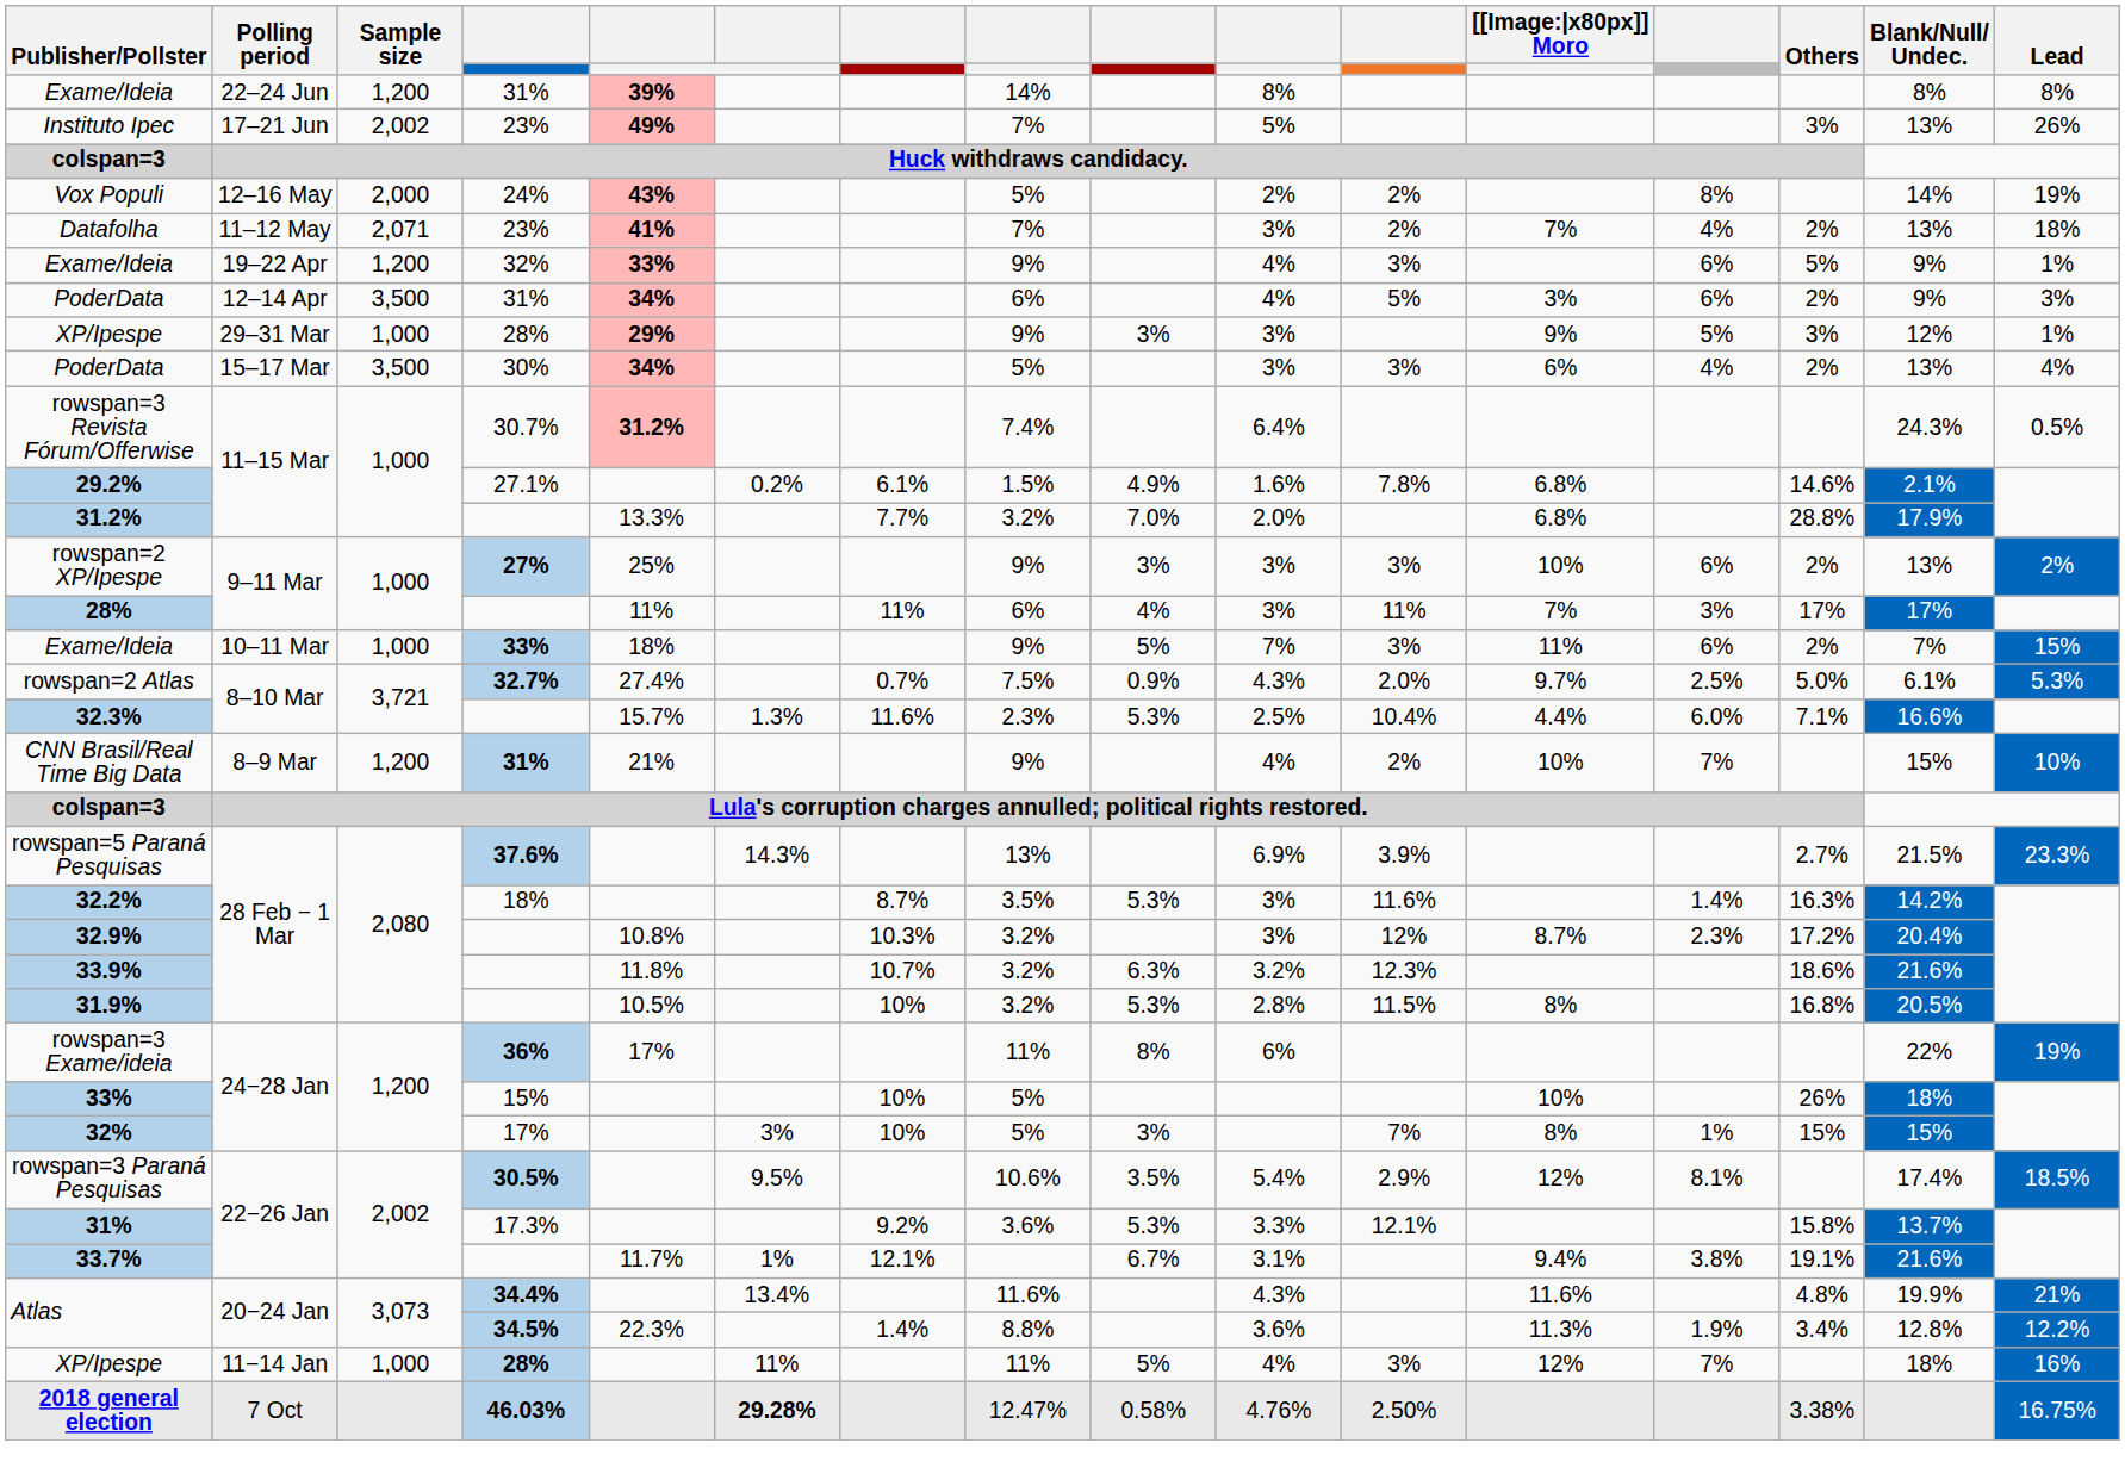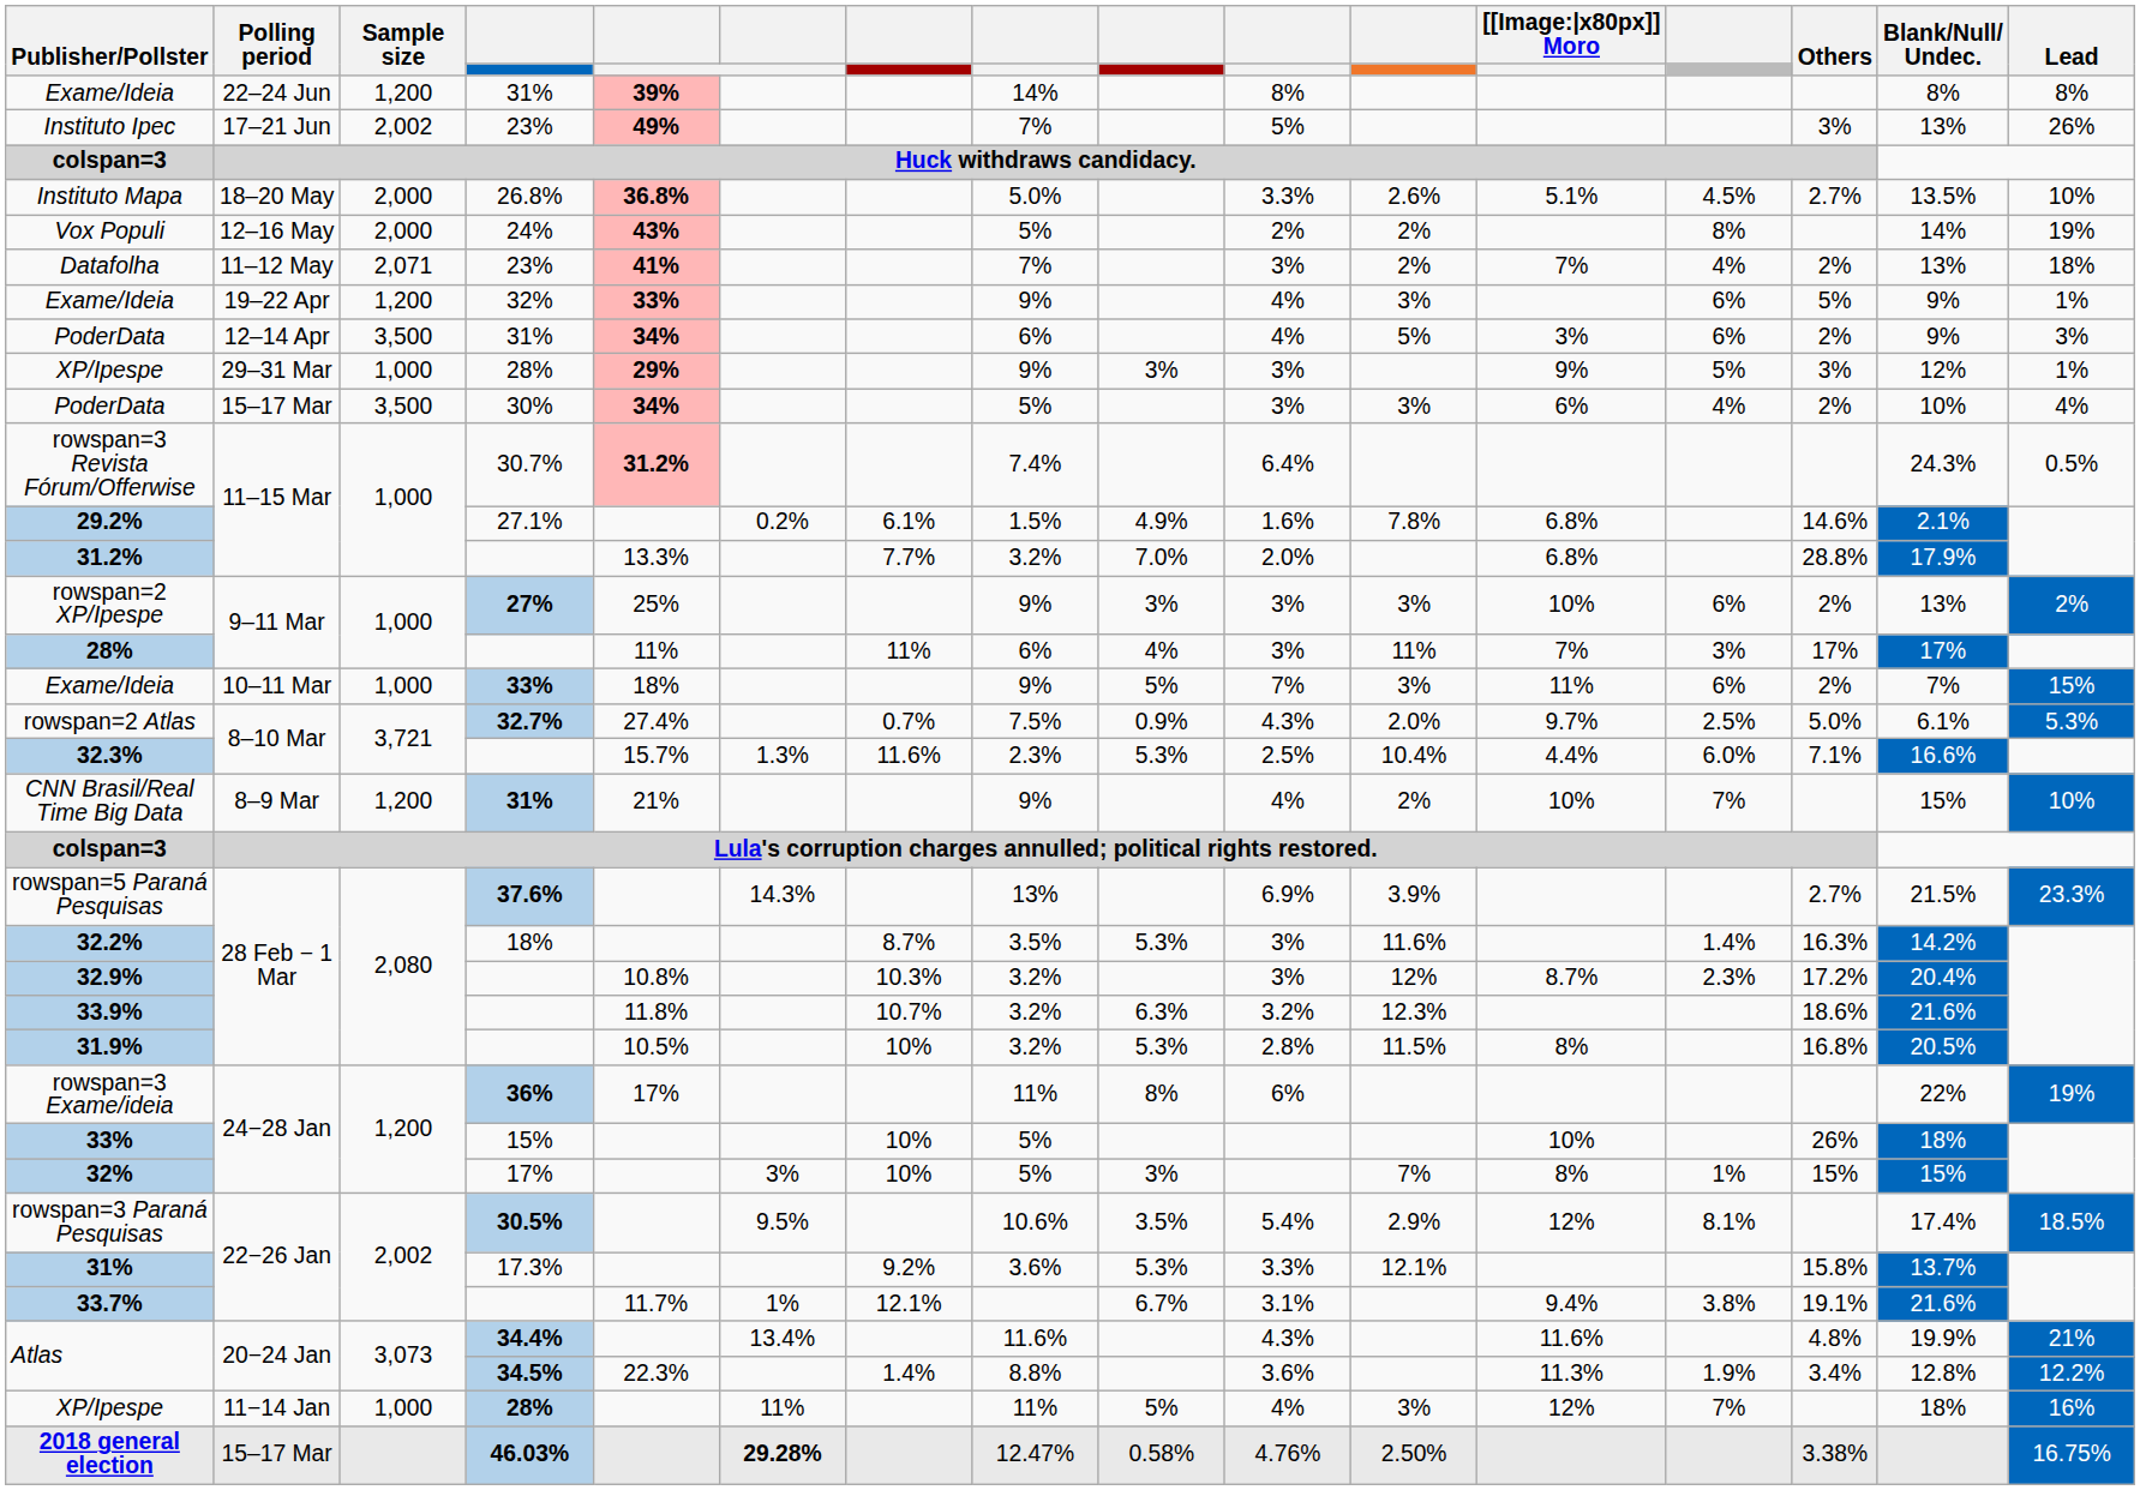 <table class="nowrap wikitable" style=text-align:center;font-size:85%;line-height:14px>
 <tr style=vertical-align:bottom>
 <th rowspan=2>Publisher/Pollster</th>
 <th rowspan=2>Polling<br>period</th>
 <th rowspan=2>Sample<br>size</th>
 <th style=width:5em><br></th>
 <th style=width:5em><br></th>
 <th style=width:5em><br></th>
 <th style=width:5em><br></th>
 <th style=width:5em><br></th>
 <th style=width:5em><br></th>
 <th style=width:5em><br></th>
 <th style=width:5em><br></th>
 <th style=width:5em>[[Image:|x80px]]<br><a href='#'>Moro</a><br></th>
 <th style=width:5em><br></th>
 <th rowspan=2>Others</th>
 <th rowspan=2>Blank/Null/<br>Undec.</th>
 <th style=width:5em rowspan=2>Lead</th>
 </tr>
 <tr>
 <th style=background:#0067BC></th>
 <th colspan=2 style=background:></th>
 <th style=background:#A30000></th>
 <th style=background:></th>
 <th style=background:#A30000></th>
 <th style=background:></th>
 <th style=background:#F0762A></th>
 <th style=background:></th>
 <th style=background:#BBBBBB></th>
 </tr>
 <tr>
 <td> <em>Exame/Ideia</em></td>
 <td>22–24 Jun</td>
 <td>1,200</td>
 <td>31%</td>
 <td style=background:#ffb7b7;font-weight:bold>39%</td>
 <td></td>
 <td></td>
 <td>14%</td>
 <td></td>
 <td>8%</td>
 <td></td>
 <td></td>
 <td></td>
 <td></td>
 <td>8%</td>
 <td style=background:>8%</td>
 </tr>
 <tr>
 <td> <em>Instituto Ipec</em></td>
 <td>17–21 Jun</td>
 <td>2,002</td>
 <td>23%</td>
 <td style=background:#ffb7b7;font-weight:bold>49%</td>
 <td></td>
 <td></td>
 <td>7%</td>
 <td></td>
 <td>5%</td>
 <td></td>
 <td></td>
 <td></td>
 <td>3%</td>
 <td>13%</td>
 <td style=background:>26%</td>
 </tr>
 <tr style=background:lightgrey;font-weight:bold>
 <td>colspan=3 </td>
 <td colspan=13 align=center style=font-weight:bold><a href='#'>Huck</a> withdraws candidacy.</td>
+</tr>
+<tr>
+<td> <em>Instituto Mapa</em></td>
+<td>18–20 May</td>
+<td>2,000</td>
+<td>26.8%</td>
+<td style=background:#ffb7b7;font-weight:bold>36.8%</td>
+<td></td>
+<td></td>
+<td>5.0%</td>
+<td></td>
+<td>3.3%</td>
+<td>2.6%</td>
+<td>5.1%</td>
+<td>4.5%</td>
+<td>2.7%</td>
+<td>13.5%</td>
+<td style=background:>10%</td>
 </tr>
 <tr>
 <td> <em>Vox Populi</em></td>
 <td>12–16 May</td>
 <td>2,000</td>
 <td>24%</td>
 <td style=background:#ffb7b7;font-weight:bold>43%</td>
 <td></td>
 <td></td>
 <td>5%</td>
 <td></td>
 <td>2%</td>
 <td>2%</td>
 <td></td>
 <td>8%</td>
 <td></td>
 <td>14%</td>
 <td style=background:>19%</td>
 </tr>
 <tr>
 <td> <em>Datafolha</em></td>
 <td>11–12 May</td>
 <td>2,071</td>
 <td>23%</td>
 <td style=background:#ffb7b7;font-weight:bold>41%</td>
 <td></td>
 <td></td>
 <td>7%</td>
 <td></td>
 <td>3%</td>
 <td>2%</td>
 <td>7%</td>
 <td>4%</td>
 <td>2%</td>
 <td>13%</td>
 <td style=background:>18%</td>
 </tr>
 <tr>
 <td> <em>Exame/Ideia</em></td>
 <td>19–22 Apr</td>
 <td>1,200</td>
 <td>32%</td>
 <td style=background:#ffb7b7;font-weight:bold>33%</td>
 <td></td>
 <td></td>
 <td>9%</td>
 <td></td>
 <td>4%</td>
 <td>3%</td>
 <td></td>
 <td>6%</td>
 <td>5%</td>
 <td>9%</td>
 <td style=background:>1%</td>
 </tr>
 <tr>
 <td> <em>PoderData</em></td>
 <td>12–14 Apr</td>
 <td>3,500</td>
 <td>31%</td>
 <td style=background:#ffb7b7;font-weight:bold>34%</td>
 <td></td>
 <td></td>
 <td>6%</td>
 <td></td>
 <td>4%</td>
 <td>5%</td>
 <td>3%</td>
 <td>6%</td>
 <td>2%</td>
 <td>9%</td>
 <td style=background:>3%</td>
 </tr>
 <tr>
 <td> <em>XP/Ipespe</em></td>
 <td>29–31 Mar</td>
 <td>1,000</td>
 <td>28%</td>
 <td style=background:#ffb7b7;font-weight:bold>29%</td>
 <td></td>
 <td></td>
 <td>9%</td>
 <td>3%</td>
 <td>3%</td>
 <td></td>
 <td>9%</td>
 <td>5%</td>
 <td>3%</td>
 <td>12%</td>
 <td style=background:>1%</td>
 </tr>
 <tr>
 <td> <em>PoderData</em></td>
 <td>15–17 Mar</td>
 <td>3,500</td>
 <td>30%</td>
 <td style=background:#ffb7b7;font-weight:bold>34%</td>
 <td></td>
 <td></td>
 <td>5%</td>
 <td></td>
 <td>3%</td>
 <td>3%</td>
 <td>6%</td>
 <td>4%</td>
 <td>2%</td>
-<td>13%</td>
+<td>10%</td>
 <td style=background:>4%</td>
 </tr>
 <tr>
 <td>rowspan=3  <em>Revista Fórum/Offerwise</em></td>
 <td rowspan=3>11–15 Mar</td>
 <td rowspan=3>1,000</td>
 <td>30.7%</td>
 <td style=background:#ffb7b7;font-weight:bold>31.2%</td>
 <td></td>
 <td></td>
 <td>7.4%</td>
 <td></td>
 <td>6.4%</td>
 <td></td>
 <td></td>
 <td></td>
 <td></td>
 <td>24.3%</td>
 <td style=background:>0.5%</td>
 </tr>
 <tr>
 <td style=background:#b2d1ea;font-weight:bold>29.2%</td>
 <td>27.1%</td>
 <td></td>
 <td>0.2%</td>
 <td>6.1%</td>
 <td>1.5%</td>
 <td>4.9%</td>
 <td>1.6%</td>
 <td>7.8%</td>
 <td>6.8%</td>
 <td></td>
 <td>14.6%</td>
 <td style=background:#0067bc;color:white>2.1%</td>
 </tr>
 <tr>
 <td style=background:#b2d1ea;font-weight:bold>31.2%</td>
 <td></td>
 <td>13.3%</td>
 <td></td>
 <td>7.7%</td>
 <td>3.2%</td>
 <td>7.0%</td>
 <td>2.0%</td>
 <td></td>
 <td>6.8%</td>
 <td></td>
 <td>28.8%</td>
 <td style=background:#0067bc;color:white>17.9%</td>
 </tr>
 <tr>
 <td>rowspan=2  <em>XP/Ipespe</em></td>
 <td rowspan=2>9–11 Mar</td>
 <td rowspan=2>1,000</td>
 <td style=background:#b2d1ea;font-weight:bold>27%</td>
 <td>25%</td>
 <td></td>
 <td></td>
 <td>9%</td>
 <td>3%</td>
 <td>3%</td>
 <td>3%</td>
 <td>10%</td>
 <td>6%</td>
 <td>2%</td>
 <td>13%</td>
 <td style=background:#0067bc;color:white>2%</td>
 </tr>
 <tr>
 <td style=background:#b2d1ea;font-weight:bold>28%</td>
 <td></td>
 <td>11%</td>
 <td></td>
 <td>11%</td>
 <td>6%</td>
 <td>4%</td>
 <td>3%</td>
 <td>11%</td>
 <td>7%</td>
 <td>3%</td>
 <td>17%</td>
 <td style=background:#0067bc;color:white>17%</td>
 </tr>
 <tr>
 <td> <em>Exame/Ideia</em></td>
 <td>10–11 Mar</td>
 <td>1,000</td>
 <td style=background:#b2d1ea;font-weight:bold>33%</td>
 <td>18%</td>
 <td></td>
 <td></td>
 <td>9%</td>
 <td>5%</td>
 <td>7%</td>
 <td>3%</td>
 <td>11%</td>
 <td>6%</td>
 <td>2%</td>
 <td>7%</td>
 <td style=background:#0067bc;color:white>15%</td>
 </tr>
 <tr>
 <td>rowspan=2  <em>Atlas</em></td>
 <td rowspan=2>8–10 Mar</td>
 <td rowspan=2>3,721</td>
 <td style=background:#b2d1ea;font-weight:bold>32.7%</td>
 <td>27.4%</td>
 <td></td>
 <td>0.7%</td>
 <td>7.5%</td>
 <td>0.9%</td>
 <td>4.3%</td>
 <td>2.0%</td>
 <td>9.7%</td>
 <td>2.5%</td>
 <td>5.0%</td>
 <td>6.1%</td>
 <td style=background:#0067bc;color:white>5.3%</td>
 </tr>
 <tr>
 <td style=background:#b2d1ea;font-weight:bold>32.3%</td>
 <td></td>
 <td>15.7%</td>
 <td>1.3%</td>
 <td>11.6%</td>
 <td>2.3%</td>
 <td>5.3%</td>
 <td>2.5%</td>
 <td>10.4%</td>
 <td>4.4%</td>
 <td>6.0%</td>
 <td>7.1%</td>
 <td style=background:#0067bc;color:white>16.6%</td>
 </tr>
 <tr>
 <td> <em>CNN Brasil/Real Time Big Data</em></td>
 <td>8–9 Mar</td>
 <td>1,200</td>
 <td style=background:#b2d1ea;font-weight:bold>31%</td>
 <td>21%</td>
 <td></td>
 <td></td>
 <td>9%</td>
 <td></td>
 <td>4%</td>
 <td>2%</td>
 <td>10%</td>
 <td>7%</td>
 <td></td>
 <td>15%</td>
 <td style=background:#0067bc;color:white>10%</td>
 </tr>
 <tr style=background:lightgrey;font-weight:bold>
 <td>colspan=3 </td>
 <td colspan=13 align=center style=font-weight:bold><a href='#'>Lula</a>'s corruption charges annulled; political rights restored.</td>
 </tr>
 <tr>
 <td>rowspan=5  <em>Paraná Pesquisas</em></td>
 <td rowspan=5>28 Feb − 1 Mar</td>
 <td rowspan=5>2,080</td>
 <td style=background:#b2d1ea;font-weight:bold>37.6%</td>
 <td></td>
 <td>14.3%</td>
 <td></td>
 <td>13%</td>
 <td></td>
 <td>6.9%</td>
 <td>3.9%</td>
 <td></td>
 <td></td>
 <td>2.7%</td>
 <td>21.5%</td>
 <td style=background:#0067bc;color:white>23.3%</td>
 </tr>
 <tr>
 <td style=background:#b2d1ea;font-weight:bold>32.2%</td>
 <td>18%</td>
 <td></td>
 <td></td>
 <td>8.7%</td>
 <td>3.5%</td>
 <td>5.3%</td>
 <td>3%</td>
 <td>11.6%</td>
 <td></td>
 <td>1.4%</td>
 <td>16.3%</td>
 <td style=background:#0067bc;color:white>14.2%</td>
 </tr>
 <tr>
 <td style=background:#b2d1ea;font-weight:bold>32.9%</td>
 <td></td>
 <td>10.8%</td>
 <td></td>
 <td>10.3%</td>
 <td>3.2%</td>
 <td></td>
 <td>3%</td>
 <td>12%</td>
 <td>8.7%</td>
 <td>2.3%</td>
 <td>17.2%</td>
 <td style=background:#0067bc;color:white>20.4%</td>
 </tr>
 <tr>
 <td style=background:#b2d1ea;font-weight:bold>33.9%</td>
 <td></td>
 <td>11.8%</td>
 <td></td>
 <td>10.7%</td>
 <td>3.2%</td>
 <td>6.3%</td>
 <td>3.2%</td>
 <td>12.3%</td>
 <td></td>
 <td></td>
 <td>18.6%</td>
 <td style=background:#0067bc;color:white>21.6%</td>
 </tr>
 <tr>
 <td style=background:#b2d1ea;font-weight:bold>31.9%</td>
 <td></td>
 <td>10.5%</td>
 <td></td>
 <td>10%</td>
 <td>3.2%</td>
 <td>5.3%</td>
 <td>2.8%</td>
 <td>11.5%</td>
 <td>8%</td>
 <td></td>
 <td>16.8%</td>
 <td style=background:#0067bc;color:white>20.5%</td>
 </tr>
 <tr>
 <td>rowspan=3  <em>Exame/ideia</em></td>
 <td rowspan=3>24−28 Jan</td>
 <td rowspan=3>1,200</td>
 <td style=background:#b2d1ea;font-weight:bold>36%</td>
 <td>17%</td>
 <td></td>
 <td></td>
 <td>11%</td>
 <td>8%</td>
 <td>6%</td>
 <td></td>
 <td></td>
 <td></td>
 <td></td>
 <td>22%</td>
 <td style=background:#0067bc;color:white>19%</td>
 </tr>
 <tr>
 <td style=background:#b2d1ea;font-weight:bold>33%</td>
 <td>15%</td>
 <td></td>
 <td></td>
 <td>10%</td>
 <td>5%</td>
 <td></td>
 <td></td>
 <td></td>
 <td>10%</td>
 <td></td>
 <td>26%</td>
 <td style=background:#0067bc;color:white>18%</td>
 </tr>
 <tr>
 <td style=background:#b2d1ea;font-weight:bold>32%</td>
 <td>17%</td>
 <td></td>
 <td>3%</td>
 <td>10%</td>
 <td>5%</td>
 <td>3%</td>
 <td></td>
 <td>7%</td>
 <td>8%</td>
 <td>1%</td>
 <td>15%</td>
 <td style=background:#0067bc;color:white>15%</td>
 </tr>
 <tr>
 <td>rowspan=3  <em>Paraná Pesquisas</em></td>
 <td rowspan=3>22−26 Jan</td>
 <td rowspan=3>2,002</td>
 <td style=background:#b2d1ea;font-weight:bold>30.5%</td>
 <td></td>
 <td>9.5%</td>
 <td></td>
 <td>10.6%</td>
 <td>3.5%</td>
 <td>5.4%</td>
 <td>2.9%</td>
 <td>12%</td>
 <td>8.1%</td>
 <td></td>
 <td>17.4%</td>
 <td style=background:#0067bc;color:white>18.5%</td>
 </tr>
 <tr>
 <td style=background:#b2d1ea;font-weight:bold>31%</td>
 <td>17.3%</td>
 <td></td>
 <td></td>
 <td>9.2%</td>
 <td>3.6%</td>
 <td>5.3%</td>
 <td>3.3%</td>
 <td>12.1%</td>
 <td></td>
 <td></td>
 <td>15.8%</td>
 <td style=background:#0067bc;color:white>13.7%</td>
 </tr>
 <tr>
 <td style=background:#b2d1ea;font-weight:bold>33.7%</td>
 <td></td>
 <td>11.7%</td>
 <td>1%</td>
 <td>12.1%</td>
 <td></td>
 <td>6.7%</td>
 <td>3.1%</td>
 <td></td>
 <td>9.4%</td>
 <td>3.8%</td>
 <td>19.1%</td>
 <td style=background:#0067bc;color:white>21.6%</td>
 </tr>
 <tr>
 <td style=text-align:left;width:5em rowspan=2><em>Atlas</em></td>
 <td style=width:5em rowspan=2>20−24 Jan</td>
 <td style=width:5em rowspan=2>3,073</td>
 <td style=background:#b2d1ea;font-weight:bold>34.4%</td>
 <td></td>
 <td>13.4%</td>
 <td></td>
 <td>11.6%</td>
 <td></td>
 <td>4.3%</td>
 <td></td>
 <td>11.6%</td>
 <td></td>
 <td>4.8%</td>
 <td>19.9%</td>
 <td style=background:#0067bc;color:white>21%</td>
 </tr>
 <tr>
 <td style=background:#b2d1ea;font-weight:bold>34.5%</td>
 <td>22.3%</td>
 <td></td>
 <td>1.4%</td>
 <td>8.8%</td>
 <td></td>
 <td>3.6%</td>
 <td></td>
 <td>11.3%</td>
 <td>1.9%</td>
 <td>3.4%</td>
 <td>12.8%</td>
 <td style=background:#0067bc;color:white>12.2%</td>
 </tr>
 <tr>
 <td> <em>XP/Ipespe</em></td>
 <td>11−14 Jan</td>
 <td>1,000</td>
 <td style=background:#b2d1ea;font-weight:bold>28%</td>
 <td></td>
 <td>11%</td>
 <td></td>
 <td>11%</td>
 <td>5%</td>
 <td>4%</td>
 <td>3%</td>
 <td>12%</td>
 <td>7%</td>
 <td></td>
 <td collspan=2>18%</td>
 <td style=background:#0067bc;color:white>16%</td>
 </tr>
 <tr style=background:#E9E9E9>
 <td><strong><a href='#'>2018 general election</a></strong></td>
-<td>7 Oct</td>
+<td>15–17 Mar</td>
 <td></td>
 <td style=background:#b2d1ea;font-weight:bold>46.03%</td>
 <td></td>
 <td><strong>29.28%</strong></td>
 <td></td>
 <td>12.47%</td>
 <td>0.58%</td>
 <td>4.76%</td>
 <td>2.50%</td>
 <td></td>
 <td></td>
 <td>3.38%</td>
 <td></td>
 <td style=background:#0067bc;color:white>16.75%</td>
 </tr>
 </table>
